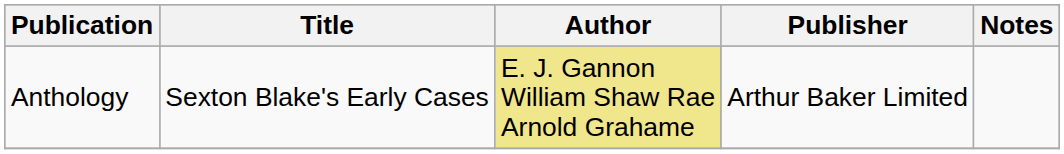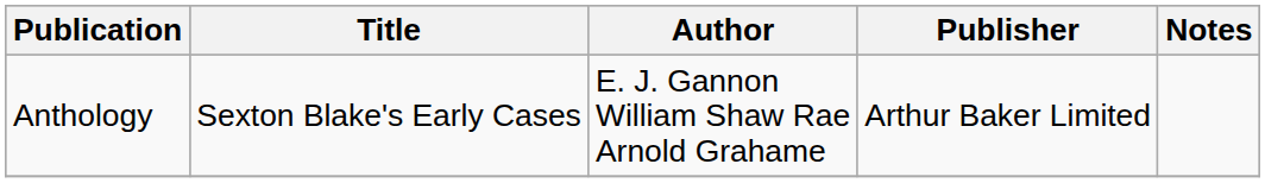 <table class="wikitable">
 <tr>
 <th>Publication</th>
 <th>Title</th>
 <th>Author</th>
 <th>Publisher</th>
 <th>Notes</th>
 </tr>
 <tr>
 <td>Anthology</td>
 <td>Sexton Blake's Early Cases</td>
-<td style="background: khaki;">E. J. Gannon<br>William Shaw Rae<br>Arnold Grahame</td>
+<td>E. J. Gannon<br>William Shaw Rae<br>Arnold Grahame</td>
 <td>Arthur Baker Limited</td>
 <td></td>
 </tr>
 <tr>
 </tr>
 </table>
